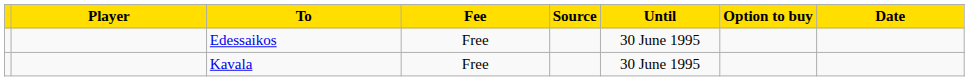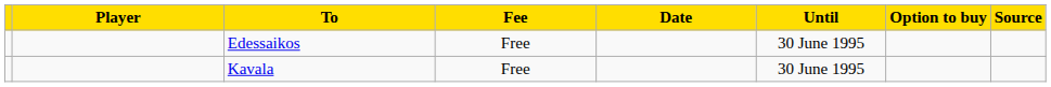 <table class="wikitable sortable">
 <tr>
 <th style="background:#FFDE00"></th>
 <th width=200 style="background:#FFDE00">Player</th>
 <th width=200 style="background:#FFDE00">To</th>
 <th width=150 style="background:#FFDE00">Fee</th>
-<th style="background:#FFDE00">Source</th>
+<th width=150 style="background:#FFDE00">Date</th>
 <th width=120 style="background:#FFDE00">Until</th>
 <th style="background:#FFDE00">Option to buy</th>
-<th width=150 style="background:#FFDE00">Date</th>
+<th style="background:#FFDE00">Source</th>
 </tr>
 <tr>
 <td align=center></td>
 <td></td>
 <td> <a href='#'>Edessaikos</a></td>
 <td align=center>Free</td>
 <td align=center></td>
 <td align=center>30 June 1995</td>
 <td align=center></td>
 <td align=center></td>
 </tr>
 <tr>
 <td align=center></td>
 <td></td>
 <td> <a href='#'>Kavala</a></td>
 <td align=center>Free</td>
 <td align=center></td>
 <td align=center>30 June 1995</td>
 <td align=center></td>
 <td align=center></td>
 </tr>
 </table>
